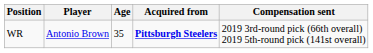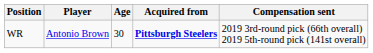 <table class="wikitable">
 <tr>
 <th>Position</th>
 <th>Player</th>
 <th>Age</th>
 <th>Acquired from</th>
 <th>Compensation sent</th>
 </tr>
 <tr>
 <td>WR</td>
 <td><a href='#'>Antonio Brown</a></td>
-<td>35</td>
+<td>30</td>
 <td><strong><a href='#'>Pittsburgh Steelers</a></strong></td>
 <td>2019 3rd-round pick (66th overall) <br> 2019 5th-round pick (141st overall)</td>
 </tr>
 </table>
